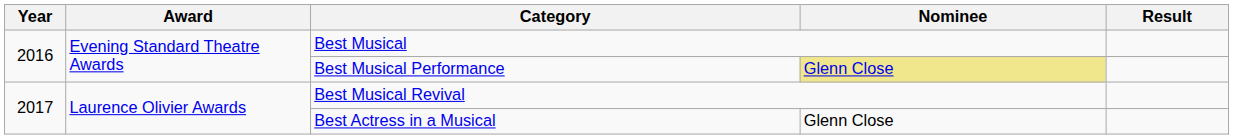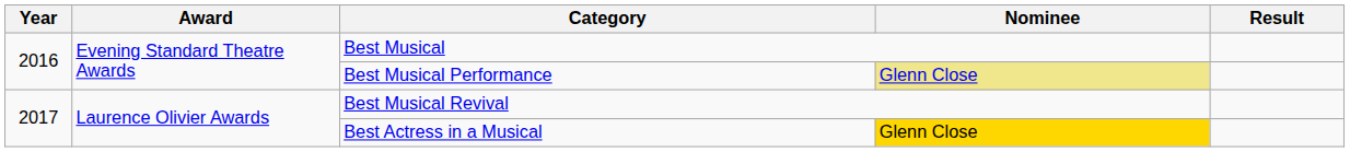 <table class="wikitable" style="width:95%;">
 <tr>
 <th style="width:5%;">Year</th>
 <th style="width:20%;">Award</th>
 <th style="width:40%;">Category</th>
 <th style="width:25%;">Nominee</th>
 <th style="width:10%;">Result</th>
 </tr>
 <tr>
 <td rowspan="2" style="text-align:center;">2016</td>
 <td rowspan="2"><a href='#'>Evening Standard Theatre Awards</a></td>
 <td colspan="2"><a href='#'>Best Musical</a></td>
 <td></td>
 </tr>
 <tr>
 <td><a href='#'>Best Musical Performance</a></td>
 <td style="background: khaki;"><a href='#'>Glenn Close</a></td>
 <td></td>
 </tr>
 <tr>
 <td rowspan="2" style="text-align:center;">2017</td>
 <td rowspan="2"><a href='#'>Laurence Olivier Awards</a></td>
 <td colspan="2"><a href='#'>Best Musical Revival</a></td>
 <td></td>
 </tr>
 <tr>
 <td><a href='#'>Best Actress in a Musical</a></td>
-<td>Glenn Close</td>
+<td style="background: gold;">Glenn Close</td>
 <td></td>
 </tr>
 </table>
